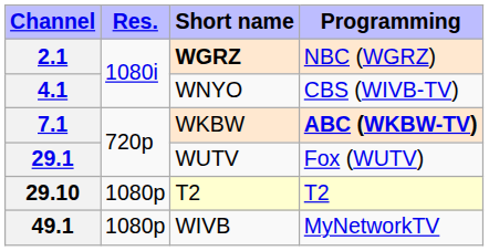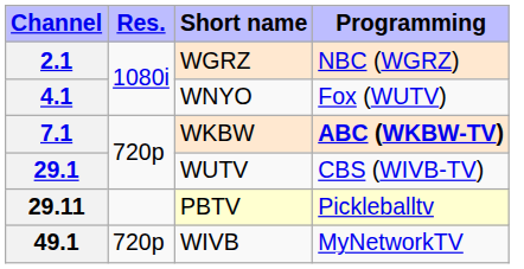 <table class="wikitable">
 <tr>
 <th style="background-color: #bdbdff" scope = "col"><a href='#'>Channel</a></th>
 <th style="background-color: #bdbdff" scope = "col"><a href='#'>Res.</a></th>
 <th style="background-color: #bdbdff" scope = "col">Short name</th>
 <th style="background-color: #bdbdff" scope = "col">Programming</th>
 </tr>
 <tr>
 <th scope = "row"><a href='#'>2.1</a></th>
 <td rowspan=2><a href='#'>1080i</a></td>
-<td style="background-color:#ffe8d0"><strong>WGRZ</strong></td>
+<td style="background-color:#ffe8d0">WGRZ</td>
 <td style="background-color:#ffe8d0"><a href='#'>NBC</a> (<a href='#'>WGRZ</a>) </td>
 </tr>
 <tr>
 <th scope = "row"><a href='#'>4.1</a></th>
 <td>WNYO</td>
-<td><a href='#'>CBS</a> (<a href='#'>WIVB-TV</a>)</td>
+<td><a href='#'>Fox</a> (<a href='#'>WUTV</a>)</td>
 </tr>
 <tr>
 <th scope = "row"><a href='#'>7.1</a></th>
 <td rowspan=2>720p</td>
 <td style="background-color:#ffe8d0">WKBW</td>
 <td style="background-color:#ffe8d0"><strong><a href='#'>ABC</a> (<a href='#'>WKBW-TV</a>) </strong></td>
 </tr>
 <tr>
 <th scope = "row"><a href='#'>29.1</a></th>
 <td>WUTV</td>
-<td><a href='#'>Fox</a> (<a href='#'>WUTV</a>)</td>
+<td><a href='#'>CBS</a> (<a href='#'>WIVB-TV</a>)</td>
 </tr>
 <tr>
-<th scope = "row">29.10</th>
-<td>1080p</td>
-<td style="background-color:#ffffd0">T2</td>
-<td style="background-color:#ffffd0"><a href='#'>T2</a></td>
+<th scope = "row">29.11</th>
+<td></td>
+<td style="background-color:#ffffd0">PBTV</td>
+<td style="background-color:#ffffd0"><a href='#'>Pickleballtv</a></td>
 </tr>
 <tr>
 <th scope = "row">49.1</th>
-<td>1080p</td>
+<td>720p</td>
 <td>WIVB</td>
 <td><a href='#'>MyNetworkTV</a></td>
 </tr>
 </table>
